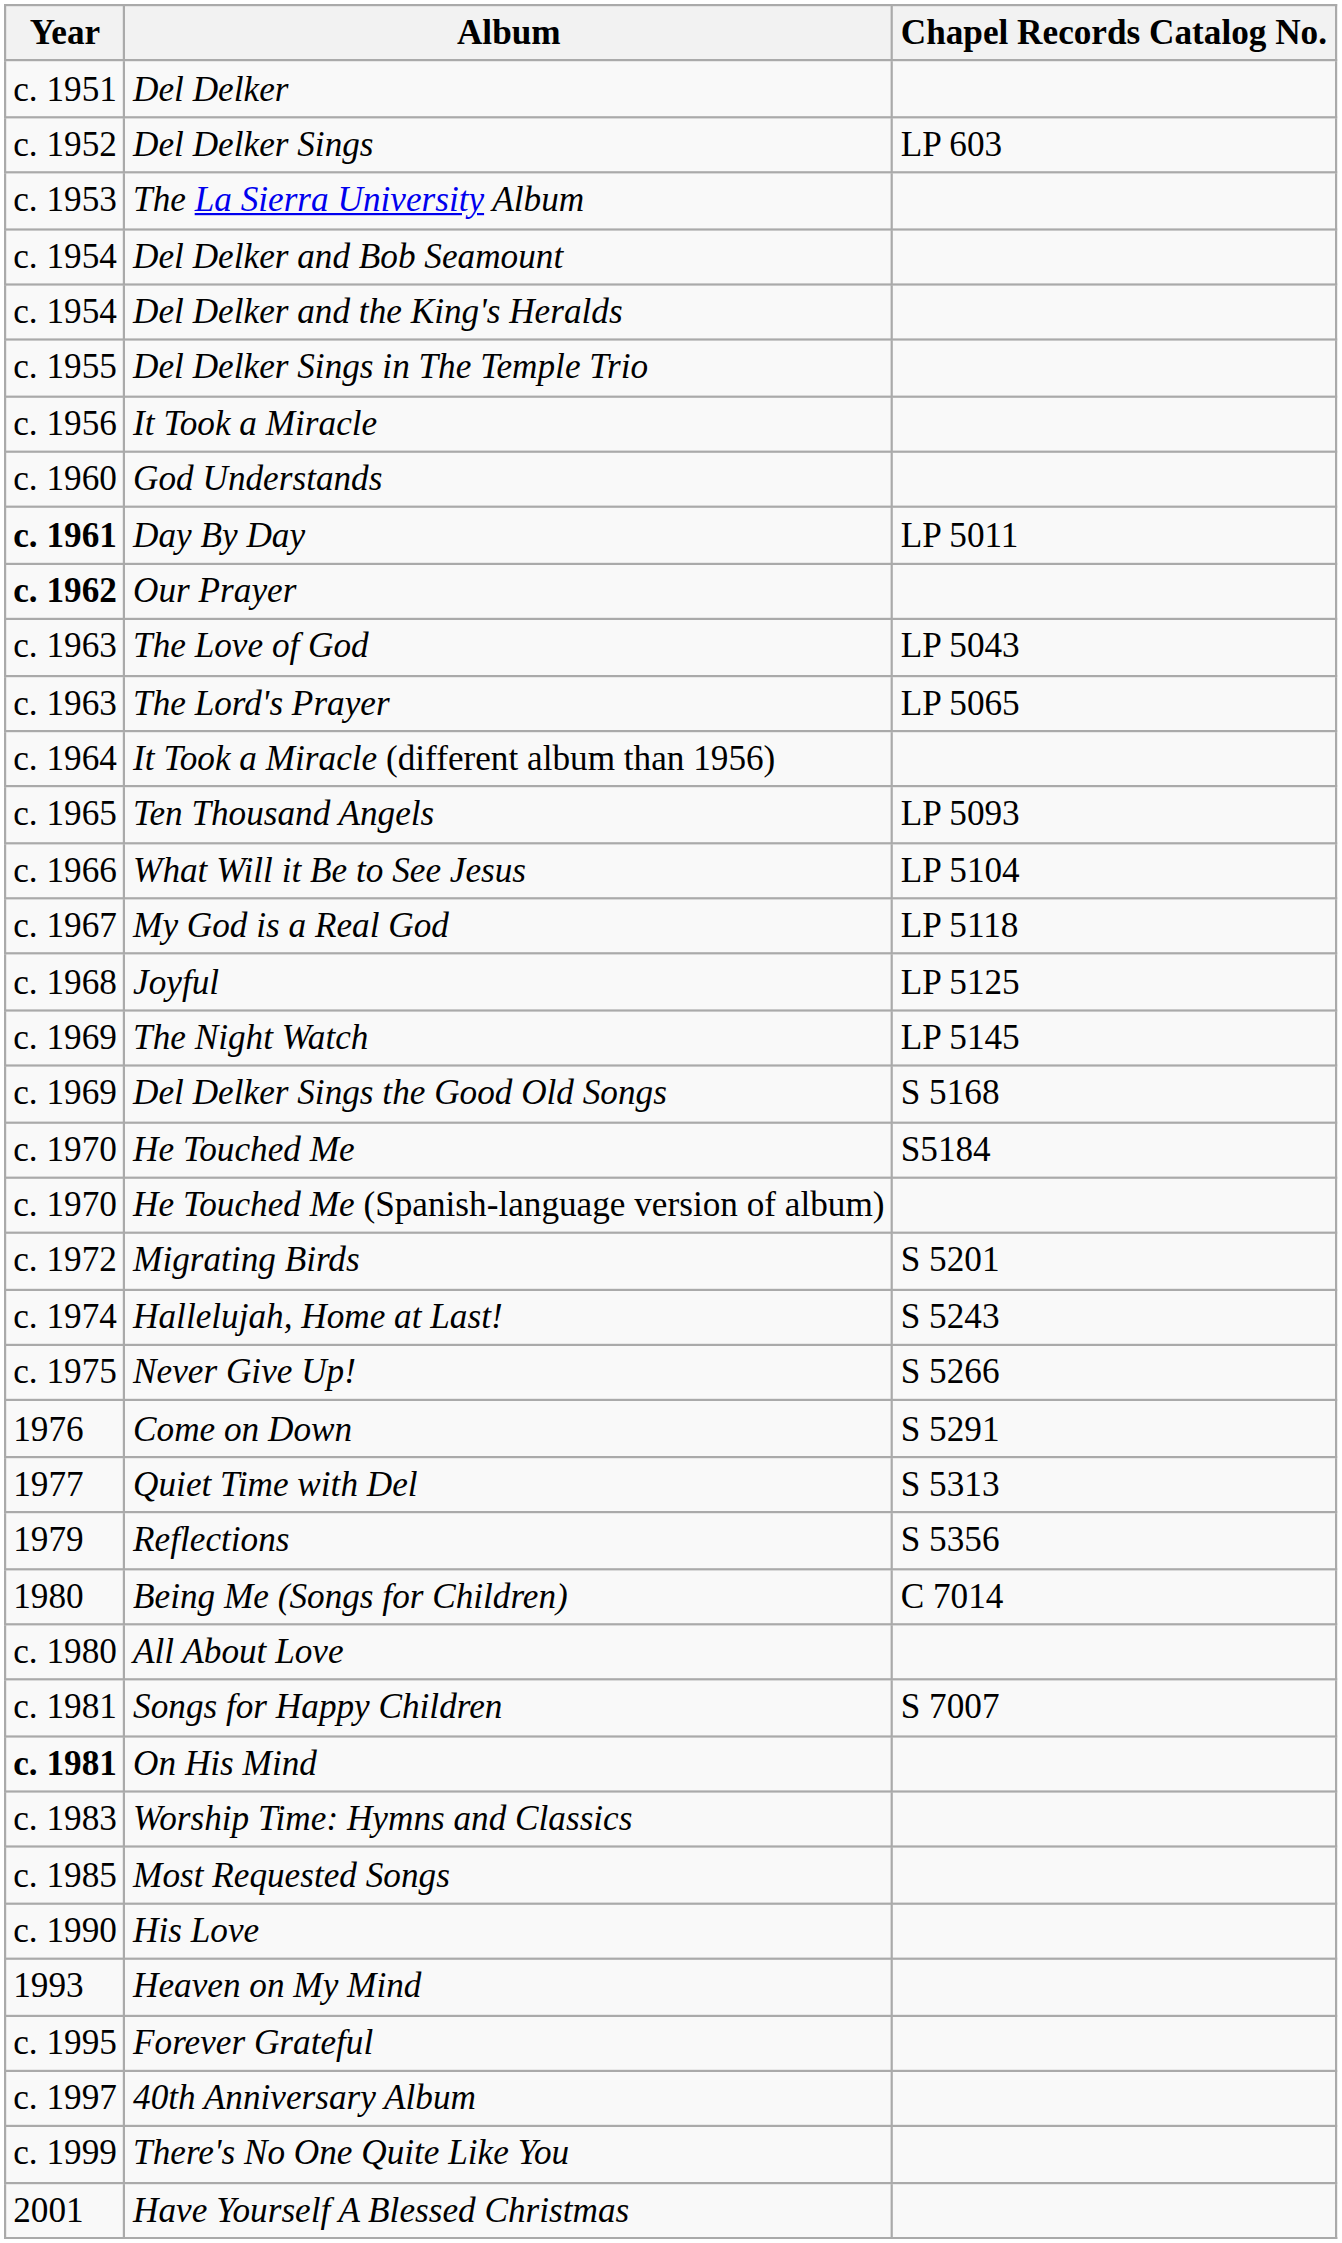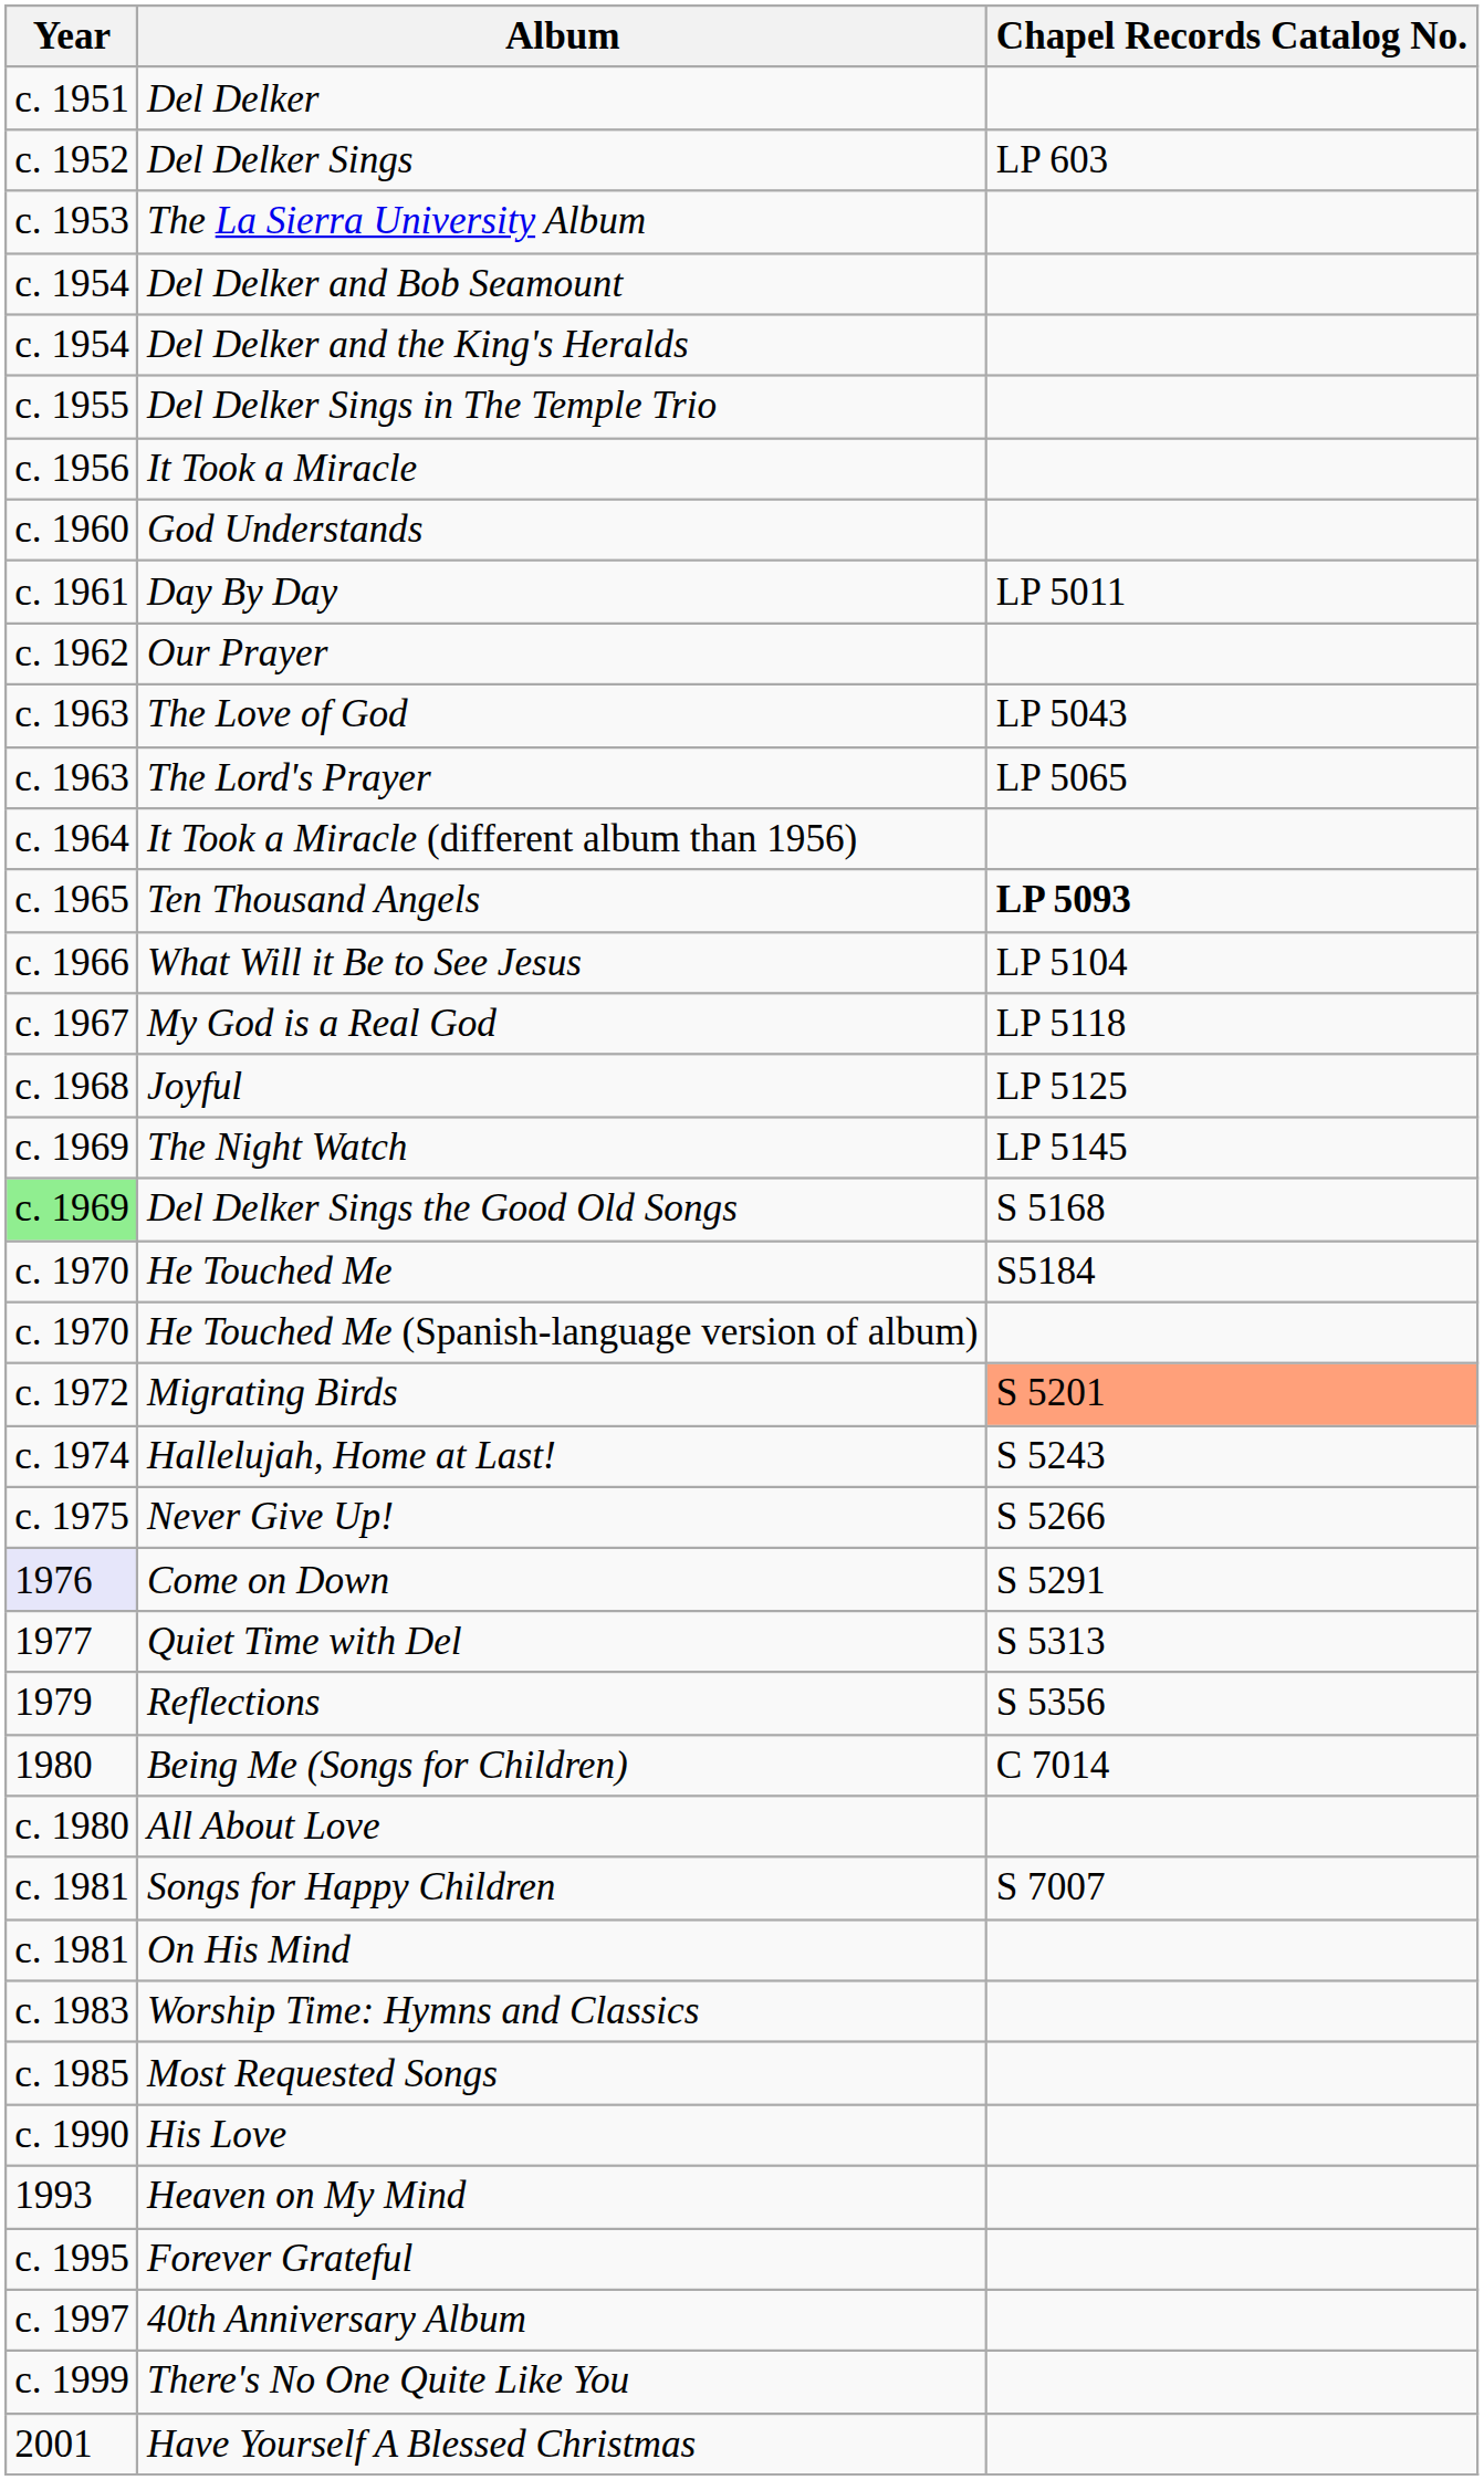 <table class="wikitable">
 <tr>
 <th>Year</th>
 <th>Album</th>
 <th>Chapel Records Catalog No.</th>
 </tr>
 <tr>
 <td>c. 1951</td>
 <td><em>Del Delker</em></td>
 <td></td>
 </tr>
 <tr>
 <td>c. 1952</td>
 <td><em>Del Delker Sings</em></td>
 <td>LP 603</td>
 </tr>
 <tr>
 <td>c. 1953</td>
 <td><em>The <a href='#'>La Sierra University</a> Album</em></td>
 <td></td>
 </tr>
 <tr>
 <td>c. 1954</td>
 <td><em>Del Delker and Bob Seamount</em></td>
 <td></td>
 </tr>
 <tr>
 <td>c. 1954</td>
 <td><em>Del Delker and the King's Heralds</em></td>
 <td></td>
 </tr>
 <tr>
 <td>c. 1955</td>
 <td><em>Del Delker Sings in The Temple Trio</em></td>
 <td></td>
 </tr>
 <tr>
 <td>c. 1956</td>
 <td><em>It Took a Miracle</em></td>
 <td></td>
 </tr>
 <tr>
 <td>c. 1960</td>
 <td><em>God Understands</em></td>
 <td></td>
 </tr>
 <tr>
-<td><strong>c. 1961</strong></td>
+<td>c. 1961</td>
 <td><em>Day By Day</em></td>
 <td>LP 5011</td>
 </tr>
 <tr>
-<td><strong>c. 1962</strong></td>
+<td>c. 1962</td>
 <td><em>Our Prayer</em></td>
 <td></td>
 </tr>
 <tr>
 <td>c. 1963</td>
 <td><em>The Love of God</em></td>
 <td>LP 5043</td>
 </tr>
 <tr>
 <td>c. 1963</td>
 <td><em>The Lord's Prayer</em></td>
 <td>LP 5065</td>
 </tr>
 <tr>
 <td>c. 1964</td>
 <td><em>It Took a Miracle</em> (different album than 1956)</td>
 <td></td>
 </tr>
 <tr>
 <td>c. 1965</td>
 <td><em>Ten Thousand Angels</em></td>
-<td>LP 5093</td>
+<td><strong>LP 5093</strong></td>
 </tr>
 <tr>
 <td>c. 1966</td>
 <td><em>What Will it Be to See  Jesus</em></td>
 <td>LP 5104</td>
 </tr>
 <tr>
 <td>c. 1967</td>
 <td><em>My God is a Real God</em></td>
 <td>LP 5118</td>
 </tr>
 <tr>
 <td>c. 1968</td>
 <td><em>Joyful</em></td>
 <td>LP 5125</td>
 </tr>
 <tr>
 <td>c. 1969</td>
 <td><em>The Night Watch</em></td>
 <td>LP 5145</td>
 </tr>
 <tr>
-<td>c. 1969</td>
+<td style="background: lightgreen;">c. 1969</td>
 <td><em>Del Delker Sings the Good Old Songs</em></td>
 <td>S 5168</td>
 </tr>
 <tr>
 <td>c. 1970</td>
 <td><em>He Touched Me</em></td>
 <td>S5184</td>
 </tr>
 <tr>
 <td>c. 1970</td>
 <td><em>He Touched Me</em> (Spanish-language version of album)</td>
 <td></td>
 </tr>
 <tr>
 <td>c. 1972</td>
 <td><em>Migrating Birds</em></td>
-<td>S 5201</td>
+<td style="background: lightsalmon;">S 5201</td>
 </tr>
 <tr>
 <td>c. 1974</td>
 <td><em>Hallelujah, Home at Last!</em></td>
 <td>S 5243</td>
 </tr>
 <tr>
 <td>c. 1975</td>
 <td><em>Never Give Up!</em></td>
 <td>S 5266</td>
 </tr>
 <tr>
-<td>1976</td>
+<td style="background: lavender;">1976</td>
 <td><em>Come on Down</em></td>
 <td>S 5291</td>
 </tr>
 <tr>
 <td>1977</td>
 <td><em>Quiet Time with Del</em></td>
 <td>S 5313</td>
 </tr>
 <tr>
 <td>1979</td>
 <td><em>Reflections</em></td>
 <td>S 5356</td>
 </tr>
 <tr>
 <td>1980</td>
 <td><em>Being Me (Songs for Children)</em></td>
 <td>C 7014</td>
 </tr>
 <tr>
 <td>c. 1980</td>
 <td><em>All About Love</em></td>
 <td></td>
 </tr>
 <tr>
 <td>c. 1981</td>
 <td><em>Songs for Happy Children</em></td>
 <td>S 7007</td>
 </tr>
 <tr>
-<td><strong>c. 1981</strong></td>
+<td>c. 1981</td>
 <td><em>On His Mind</em></td>
 <td></td>
 </tr>
 <tr>
 <td>c. 1983</td>
 <td><em>Worship Time: Hymns and Classics</em></td>
 <td></td>
 </tr>
 <tr>
 <td>c. 1985</td>
 <td><em>Most Requested Songs</em></td>
 <td></td>
 </tr>
 <tr>
 <td>c. 1990</td>
 <td><em>His Love</em></td>
 <td></td>
 </tr>
 <tr>
 <td>1993</td>
 <td><em>Heaven on My Mind</em></td>
 <td></td>
 </tr>
 <tr>
 <td>c. 1995</td>
 <td><em>Forever Grateful</em></td>
 <td></td>
 </tr>
 <tr>
 <td>c. 1997</td>
 <td><em>40th Anniversary Album</em></td>
 <td></td>
 </tr>
 <tr>
 <td>c. 1999</td>
 <td><em>There's No One Quite Like You</em></td>
 <td></td>
 </tr>
 <tr>
 <td>2001</td>
 <td><em>Have Yourself A Blessed Christmas</em></td>
 <td></td>
 </tr>
 <tr>
 </tr>
 </table>
